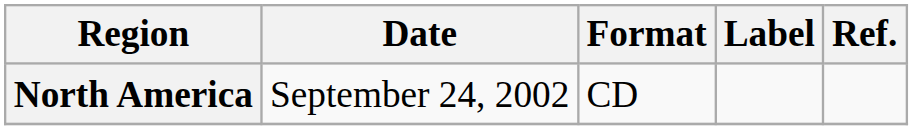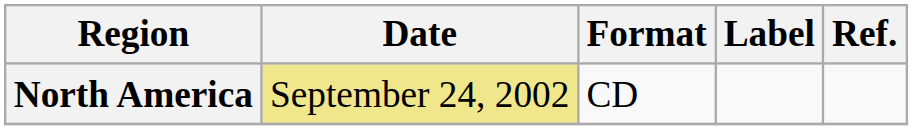 <table class="wikitable plainrowheaders">
 <tr>
 <th scope="col">Region</th>
 <th scope="col">Date</th>
 <th scope="col">Format</th>
 <th scope="col">Label</th>
 <th scope="col">Ref.</th>
 </tr>
 <tr>
 <th scope="row">North America</th>
-<td>September 24, 2002</td>
+<td style="background: khaki;">September 24, 2002</td>
 <td>CD</td>
 <td></td>
 <td></td>
 </tr>
 <tr>
 </tr>
 </table>
